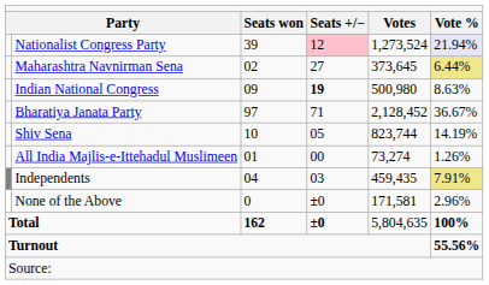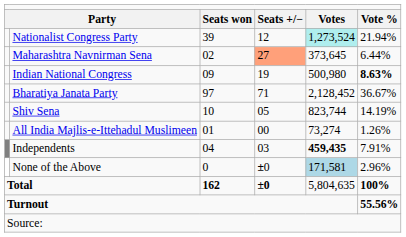 <table class="sortable wikitable">
 <tr>
 <td colspan="6" style="text-align: center;"></td>
 </tr>
 <tr>
 <th colspan="2">Party</th>
 <th colspan="1">Seats won</th>
 <th colspan="1"><strong>Seats +/−</strong></th>
 <th>Votes</th>
 <th colspan="1">Vote %</th>
 </tr>
 <tr>
 <td></td>
 <td><a href='#'>Nationalist Congress Party</a></td>
 <td>39</td>
-<td style="background: pink;"> 12</td>
-<td>1,273,524</td>
-<td style="background: lavender;">21.94%</td>
+<td> 12</td>
+<td style="background: paleturquoise;">1,273,524</td>
+<td>21.94%</td>
 </tr>
 <tr>
 <td></td>
 <td><a href='#'>Maharashtra Navnirman Sena</a></td>
 <td>02</td>
-<td> 27</td>
+<td style="background: lightsalmon;"> 27</td>
 <td>373,645</td>
-<td style="background: khaki;">6.44%</td>
+<td>6.44%</td>
 </tr>
 <tr>
 <td></td>
 <td><a href='#'>Indian National Congress</a></td>
 <td>09</td>
-<td><strong> 19</strong></td>
+<td> 19</td>
 <td>500,980</td>
-<td>8.63%</td>
+<td><strong>8.63%</strong></td>
 </tr>
 <tr>
 <td></td>
 <td><a href='#'>Bharatiya Janata Party</a></td>
 <td>97</td>
 <td> 71</td>
 <td>2,128,452</td>
 <td>36.67%</td>
 </tr>
 <tr>
 <td></td>
 <td><a href='#'>Shiv Sena</a></td>
 <td>10</td>
 <td> 05</td>
 <td>823,744</td>
 <td>14.19%</td>
 </tr>
 <tr>
 <td></td>
 <td><a href='#'>All India Majlis-e-Ittehadul Muslimeen</a></td>
 <td>01</td>
 <td> 00</td>
 <td>73,274</td>
 <td>1.26%</td>
 </tr>
 <tr>
 <td bgcolor="grey"></td>
 <td>Independents</td>
 <td>04</td>
 <td> 03</td>
-<td>459,435</td>
-<td style="background: khaki;">7.91%</td>
+<td><strong>459,435</strong></td>
+<td>7.91%</td>
 </tr>
 <tr>
 <td bgcolor="white"></td>
 <td>None of the Above</td>
 <td>0</td>
 <td><strong>±</strong>0</td>
-<td>171,581</td>
+<td style="background: lightblue;">171,581</td>
 <td>2.96%</td>
 </tr>
 <tr>
 <td colspan="2"><strong>Total</strong></td>
 <td><strong>162</strong></td>
 <td><strong>±0</strong></td>
 <td>5,804,635</td>
 <td><strong>100%</strong></td>
 </tr>
 <tr>
 <td colspan="5"><strong>Turnout</strong></td>
 <td><strong>55.56%</strong></td>
 </tr>
 <tr>
 <td colspan="6">Source:  </td>
 </tr>
 </table>
